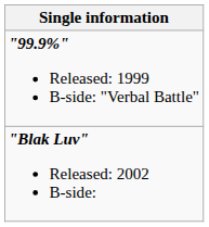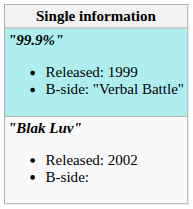 <table class="wikitable">
 <tr>
 <th>Single information</th>
 </tr>
 <tr>
-<td align="left"><strong><em>"99.9%"</em></strong><br><ul><li>Released: 1999</li><li>B-side: "Verbal Battle"</li></ul></td>
+<td align="left" style="background: paleturquoise;"><strong><em>"99.9%"</em></strong><br><ul><li>Released: 1999</li><li>B-side: "Verbal Battle"</li></ul></td>
 </tr>
 <tr>
 <td align="left"><strong><em>"Blak Luv"</em></strong><br><ul><li>Released: 2002</li><li>B-side:</li></ul></td>
 </tr>
 </table>
